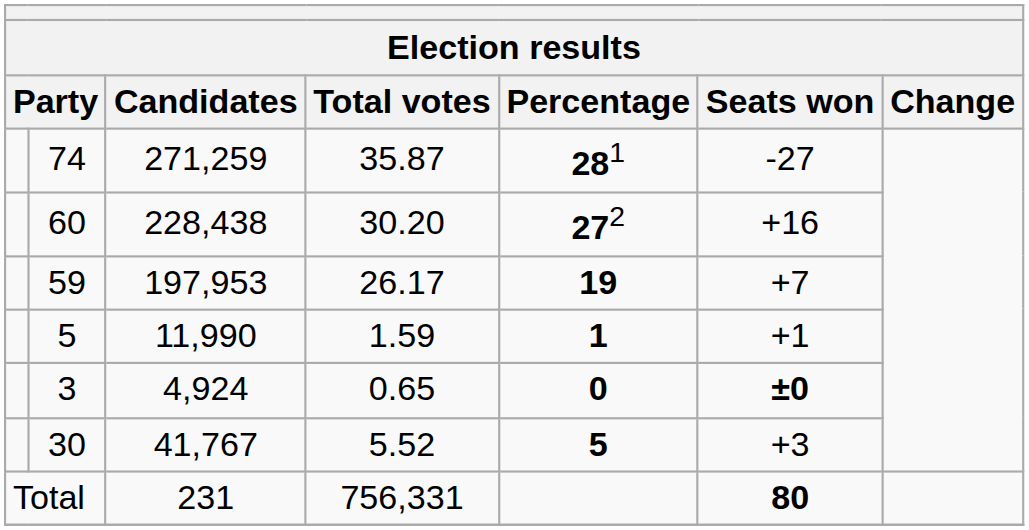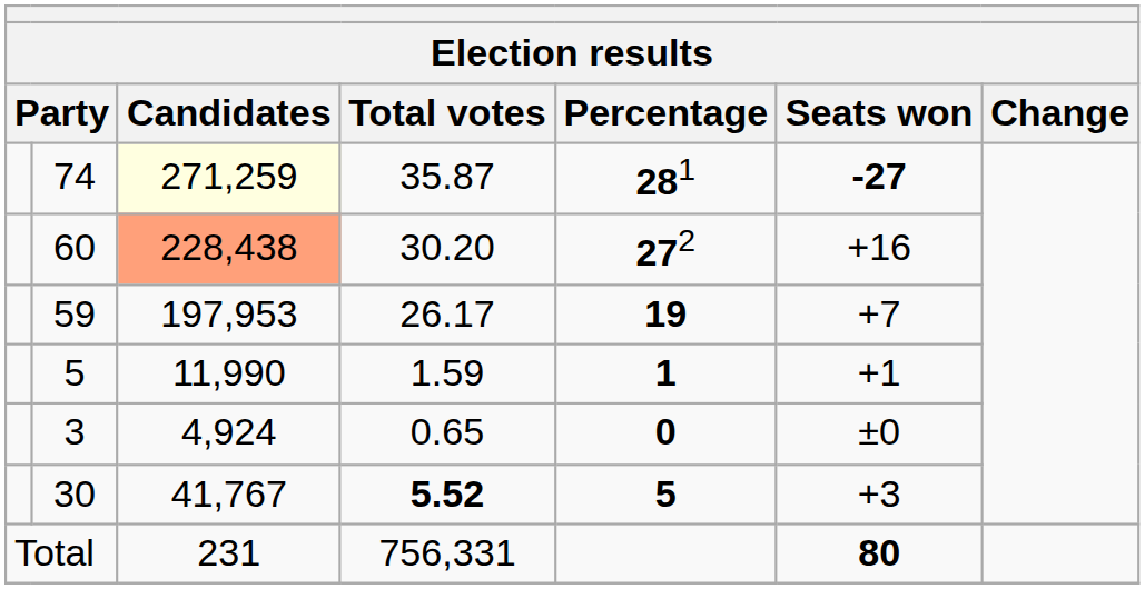 <table class="wikitable">
 <tr>
 <th colspan=7></th>
 </tr>
 <tr>
 <th colspan=7>Election results</th>
 </tr>
 <tr>
 <th colspan=2>Party</th>
 <th>Candidates</th>
 <th>Total votes</th>
 <th>Percentage</th>
 <th>Seats won</th>
 <th>Change</th>
 </tr>
 <tr>
 <td></td>
 <td align=center>74</td>
-<td align=center>271,259</td>
+<td align=center style="background: lightyellow;">271,259</td>
 <td align=center>35.87</td>
 <td align=center><strong>28</strong><sup>1</sup></td>
-<td align=center>-27</td>
+<td align=center><strong>-27</strong></td>
 </tr>
 <tr>
 <td></td>
 <td align=center>60</td>
-<td align=center>228,438</td>
+<td align=center style="background: lightsalmon;">228,438</td>
 <td align=center>30.20</td>
 <td align=center><strong>27</strong><sup>2</sup></td>
 <td align=center>+16</td>
 </tr>
 <tr>
 <td></td>
 <td align=center>59</td>
 <td align=center>197,953</td>
 <td align=center>26.17</td>
 <td align=center><strong>19</strong></td>
 <td align=center>+7</td>
 </tr>
 <tr>
 <td></td>
 <td align=center>5</td>
 <td align=center>11,990</td>
 <td align=center>1.59</td>
 <td align=center><strong>1</strong></td>
 <td align=center>+1</td>
 </tr>
 <tr>
 <td></td>
 <td align=center>3</td>
 <td align=center>4,924</td>
 <td align=center>0.65</td>
 <td align=center><strong>0</strong></td>
-<td align=center><strong>±0</strong></td>
+<td align=center>±0</td>
 </tr>
 <tr>
 <td></td>
 <td align=center>30</td>
 <td align=center>41,767</td>
-<td align=center>5.52</td>
+<td align=center><strong>5.52</strong></td>
 <td align=center><strong>5</strong></td>
 <td align=center>+3</td>
 </tr>
 <tr>
 <td colspan=2>Total</td>
 <td align=center>231</td>
 <td align=center>756,331</td>
 <td align=center></td>
 <td align=center><strong>80</strong></td>
 <td></td>
 </tr>
 <tr>
 </tr>
 </table>
